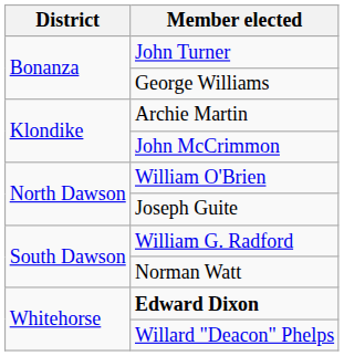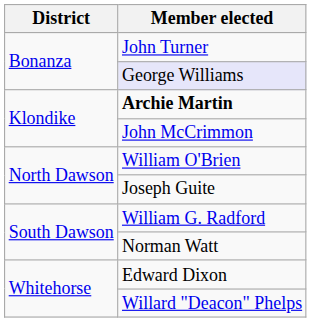 <table class="wikitable">
 <tr>
 <th>District</th>
 <th>Member elected</th>
 </tr>
 <tr>
 <td rowspan=2><a href='#'>Bonanza</a></td>
 <td><a href='#'>John Turner</a></td>
 </tr>
 <tr>
-<td>George Williams</td>
+<td style="background: lavender;">George Williams</td>
 </tr>
 <tr>
 <td rowspan=2><a href='#'>Klondike</a></td>
-<td>Archie Martin</td>
+<td><strong>Archie Martin</strong></td>
 </tr>
 <tr>
 <td><a href='#'>John McCrimmon</a></td>
 </tr>
 <tr>
 <td rowspan=2><a href='#'>North Dawson</a></td>
 <td><a href='#'>William O'Brien</a></td>
 </tr>
 <tr>
 <td>Joseph Guite</td>
 </tr>
 <tr>
 <td rowspan=2><a href='#'>South Dawson</a></td>
 <td><a href='#'>William G. Radford</a></td>
 </tr>
 <tr>
 <td>Norman Watt</td>
 </tr>
 <tr>
 <td rowspan=2><a href='#'>Whitehorse</a></td>
-<td><strong>Edward Dixon</strong></td>
+<td>Edward Dixon</td>
 </tr>
 <tr>
 <td><a href='#'>Willard "Deacon" Phelps</a></td>
 </tr>
 </table>
